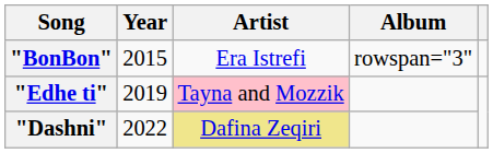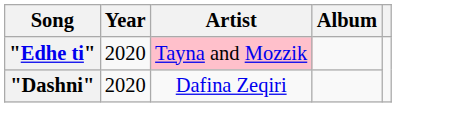 <table class="wikitable plainrowheaders" style="text-align:center;">
 <tr>
 <th scope="col">Song</th>
 <th scope="col">Year</th>
 <th scope="col">Artist</th>
 <th scope="col">Album</th>
 <th scope="col"></th>
 </tr>
 <tr>
-<th scope="row">"<a href='#'>BonBon</a>"</th>
-<td>2015</td>
-<td><a href='#'>Era Istrefi</a></td>
-<td>rowspan="3" </td>
-<td></td>
-</tr>
-<tr>
 <th scope="row">"<a href='#'>Edhe ti</a>"</th>
-<td>2019</td>
+<td>2020</td>
 <td style="background: pink;"><a href='#'>Tayna</a> and <a href='#'>Mozzik</a></td>
 <td></td>
 </tr>
 <tr>
 <th scope="row">"Dashni"</th>
-<td>2022</td>
-<td style="background: khaki;"><a href='#'>Dafina Zeqiri</a></td>
+<td>2020</td>
+<td><a href='#'>Dafina Zeqiri</a></td>
 <td></td>
 </tr>
 </table>
